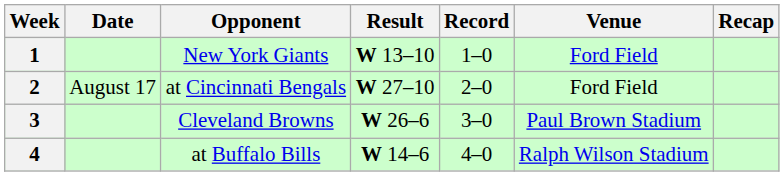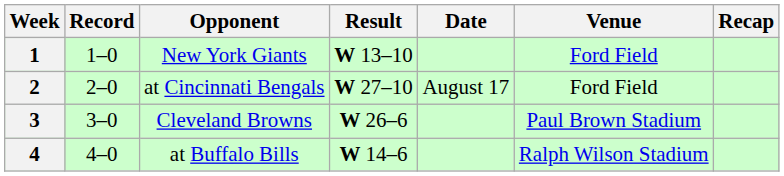 <table class="wikitable" style="text-align:center">
 <tr>
 <th>Week</th>
-<th>Date</th>
+<th>Record</th>
 <th>Opponent</th>
 <th>Result</th>
-<th>Record</th>
+<th>Date</th>
 <th>Venue</th>
 <th>Recap</th>
 </tr>
 <tr style="background:#cfc">
 <th>1</th>
-<td></td>
+<td>1–0</td>
 <td><a href='#'>New York Giants</a></td>
 <td><strong>W</strong> 13–10</td>
-<td>1–0</td>
+<td></td>
 <td><a href='#'>Ford Field</a></td>
 <td></td>
 </tr>
 <tr style="background:#cfc">
 <th>2</th>
-<td>August 17</td>
+<td>2–0</td>
 <td>at <a href='#'>Cincinnati Bengals</a></td>
 <td><strong>W</strong> 27–10</td>
-<td>2–0</td>
+<td>August 17</td>
 <td>Ford Field</td>
 <td></td>
 </tr>
 <tr style="background:#cfc">
 <th>3</th>
-<td></td>
+<td>3–0</td>
 <td><a href='#'>Cleveland Browns</a></td>
 <td><strong>W</strong> 26–6</td>
-<td>3–0</td>
+<td></td>
 <td><a href='#'>Paul Brown Stadium</a></td>
 <td></td>
 </tr>
 <tr style="background:#cfc">
 <th>4</th>
-<td></td>
+<td>4–0</td>
 <td>at <a href='#'>Buffalo Bills</a></td>
 <td><strong>W</strong> 14–6</td>
-<td>4–0</td>
+<td></td>
 <td><a href='#'>Ralph Wilson Stadium</a></td>
 <td></td>
 </tr>
 </table>
